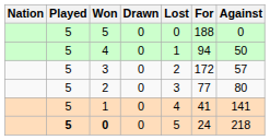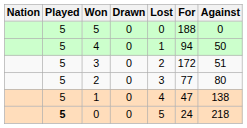 <table class="wikitable" style="text-align:center;">
 <tr>
 <th>Nation</th>
 <th>Played</th>
 <th>Won</th>
 <th>Drawn</th>
 <th>Lost</th>
 <th>For</th>
 <th>Against</th>
 </tr>
 <tr bgcolor=ccffcc>
 <td align=left> </td>
 <td>5</td>
 <td>5</td>
 <td>0</td>
 <td>0</td>
 <td>188</td>
 <td>0</td>
 </tr>
 <tr bgcolor=ccffcc>
 <td align=left></td>
 <td>5</td>
 <td>4</td>
 <td>0</td>
 <td>1</td>
 <td>94</td>
 <td>50</td>
 </tr>
 <tr>
 <td align=left></td>
 <td>5</td>
 <td>3</td>
 <td>0</td>
 <td>2</td>
 <td>172</td>
-<td>57</td>
+<td>51</td>
 </tr>
 <tr>
 <td align=left></td>
 <td>5</td>
 <td>2</td>
 <td>0</td>
 <td>3</td>
 <td>77</td>
 <td>80</td>
 </tr>
 <tr style="background:#fdb;">
 <td align=left></td>
 <td>5</td>
 <td>1</td>
 <td>0</td>
 <td>4</td>
-<td>41</td>
-<td>141</td>
+<td>47</td>
+<td>138</td>
 </tr>
 <tr style="background:#fdb;">
 <td align=left></td>
 <td><strong>5</strong></td>
-<td><strong>0</strong></td>
+<td>0</td>
 <td>0</td>
 <td>5</td>
 <td>24</td>
 <td>218</td>
 </tr>
 </table>
